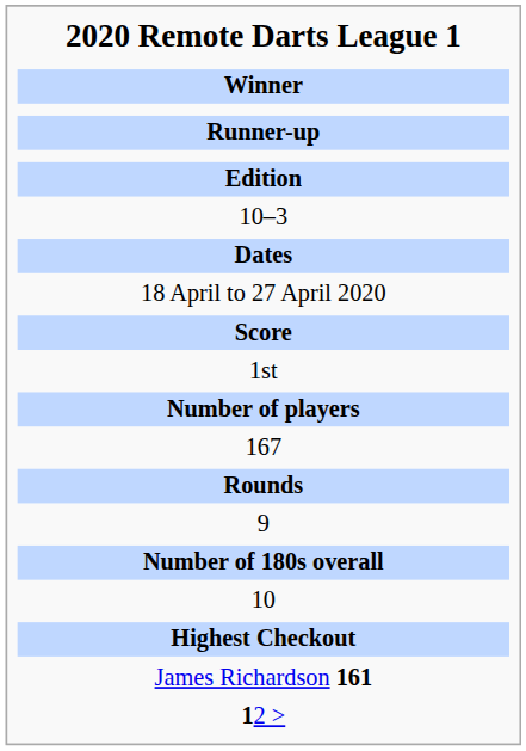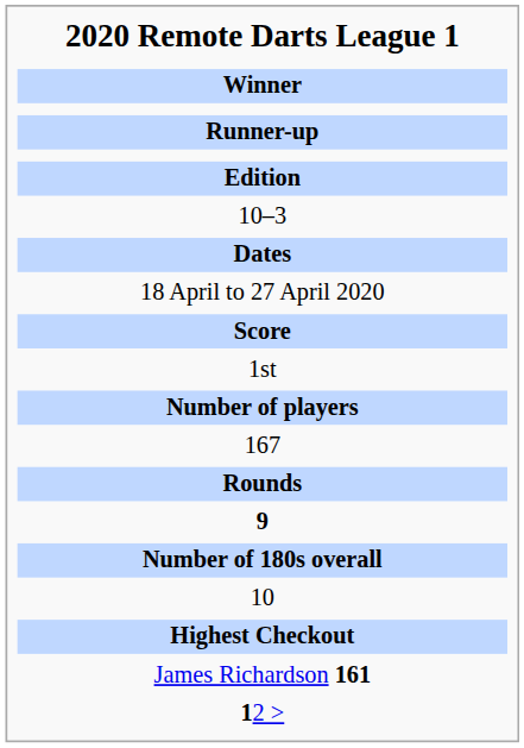 <table class="infobox darts" style="width: 16em; text-align: center;">
 <tr>
 <th style="font-size: 16px;">2020 Remote Darts League 1</th>
 </tr>
 <tr>
 <td></td>
 </tr>
 <tr>
 <td style="font-size: 12px; background: #BFD7FF;"><strong>Winner</strong></td>
 </tr>
 <tr>
 <td style="font-size: 12px;"></td>
 </tr>
 <tr>
 <td style="font-size: 12px; background: #BFD7FF;"><strong>Runner-up</strong></td>
 </tr>
 <tr>
 <td style="font-size: 12px;"></td>
 </tr>
 <tr>
 <td style="font-size: 12px; background: #BFD7FF;"><strong>Edition</strong></td>
 </tr>
 <tr>
 <td style="font-size: 12px;">10–3</td>
 </tr>
 <tr>
 <td style="font-size: 12px; background: #BFD7FF;"><strong>Dates</strong></td>
 </tr>
 <tr>
 <td style="font-size: 12px;">18 April to 27 April 2020</td>
 </tr>
 <tr>
 <td style="font-size: 12px; background: #BFD7FF;"><strong>Score</strong></td>
 </tr>
 <tr>
 <td style="font-size: 12px;">1st</td>
 </tr>
 <tr>
 <td style="font-size: 12px; background: #BFD7FF;"><strong>Number of players</strong></td>
 </tr>
 <tr>
 <td style="font-size: 12px;">167</td>
 </tr>
 <tr>
 <td style="font-size: 12px; background: #BFD7FF;"><strong>Rounds</strong></td>
 </tr>
 <tr>
-<td style="font-size: 12px;">9</td>
+<td style="font-size: 12px;"><strong>9</strong></td>
 </tr>
 <tr>
 <td style="font-size: 12px; background: #BFD7FF;"><strong>Number of 180s overall</strong></td>
 </tr>
 <tr>
 <td style="font-size: 12px;">10</td>
 </tr>
 <tr>
 <td style="font-size: 12px; background: #BFD7FF;"><strong>Highest Checkout</strong></td>
 </tr>
 <tr>
 <td style="font-size: 12px;"> <a href='#'>James Richardson</a> <strong>161</strong></td>
 </tr>
 <tr>
 <td style="font-size: 12px;"><strong>1</strong><a href='#'>2 ></a></td>
 </tr>
 </table>
